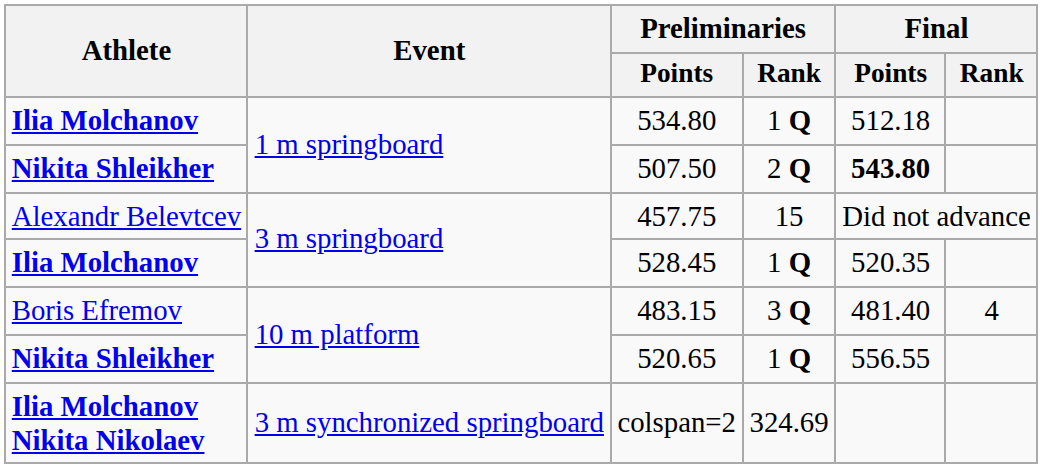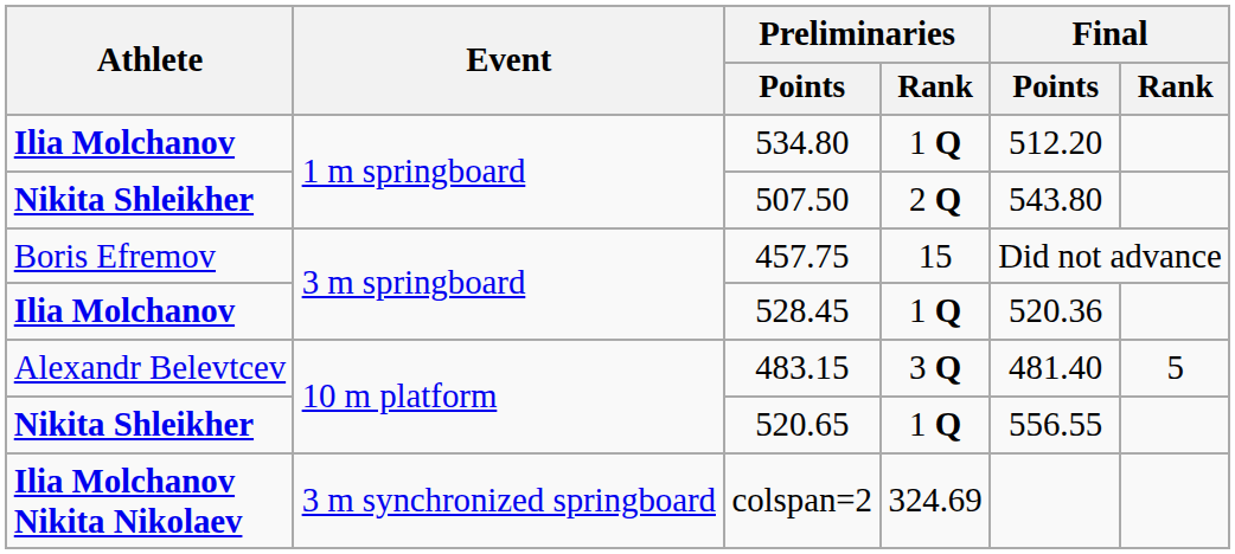 <table class="wikitable" style="text-align:center; font-size:90%">
 <tr>
 <th rowspan=2>Athlete</th>
 <th rowspan=2>Event</th>
 <th colspan=2>Preliminaries</th>
 <th colspan=2>Final</th>
 </tr>
 <tr style="font-size:95%">
 <th>Points</th>
 <th>Rank</th>
 <th>Points</th>
 <th>Rank</th>
 </tr>
 <tr>
 <td align=left><strong><a href='#'>Ilia Molchanov</a></strong></td>
 <td style="text-align:left;" rowspan=2><a href='#'>1 m springboard</a></td>
 <td>534.80</td>
 <td>1 <strong>Q</strong></td>
-<td>512.18</td>
+<td>512.20</td>
 <td></td>
 </tr>
 <tr>
 <td align=left><strong><a href='#'>Nikita Shleikher</a></strong></td>
 <td>507.50</td>
 <td>2 <strong>Q</strong></td>
-<td><strong>543.80</strong></td>
+<td>543.80</td>
 <td></td>
 </tr>
 <tr align=center>
-<td align=left><a href='#'>Alexandr Belevtcev</a></td>
+<td align=left><a href='#'>Boris Efremov</a></td>
 <td style="text-align:left;" rowspan=2><a href='#'>3 m springboard</a></td>
 <td>457.75</td>
 <td>15 <strong></strong></td>
 <td colspan=2>Did not advance</td>
 </tr>
 <tr>
 <td align=left><strong><a href='#'>Ilia Molchanov</a></strong></td>
 <td>528.45</td>
 <td>1 <strong>Q</strong></td>
-<td>520.35</td>
+<td>520.36</td>
 <td></td>
 </tr>
 <tr align=center>
-<td align=left><a href='#'>Boris Efremov</a></td>
+<td align=left><a href='#'>Alexandr Belevtcev</a></td>
 <td style="text-align:left;" rowspan=2><a href='#'>10 m platform</a></td>
 <td>483.15</td>
 <td>3 <strong>Q</strong></td>
 <td>481.40</td>
-<td>4</td>
+<td>5</td>
 </tr>
 <tr>
 <td align=left><strong><a href='#'>Nikita Shleikher</a></strong></td>
 <td>520.65</td>
 <td>1 <strong>Q</strong></td>
 <td>556.55</td>
 <td></td>
 </tr>
 <tr>
 <td align=left><strong><a href='#'>Ilia Molchanov</a><br><a href='#'>Nikita Nikolaev</a></strong></td>
 <td align=left><a href='#'>3 m synchronized springboard</a></td>
 <td>colspan=2 </td>
 <td>324.69</td>
 <td></td>
 </tr>
 </table>
